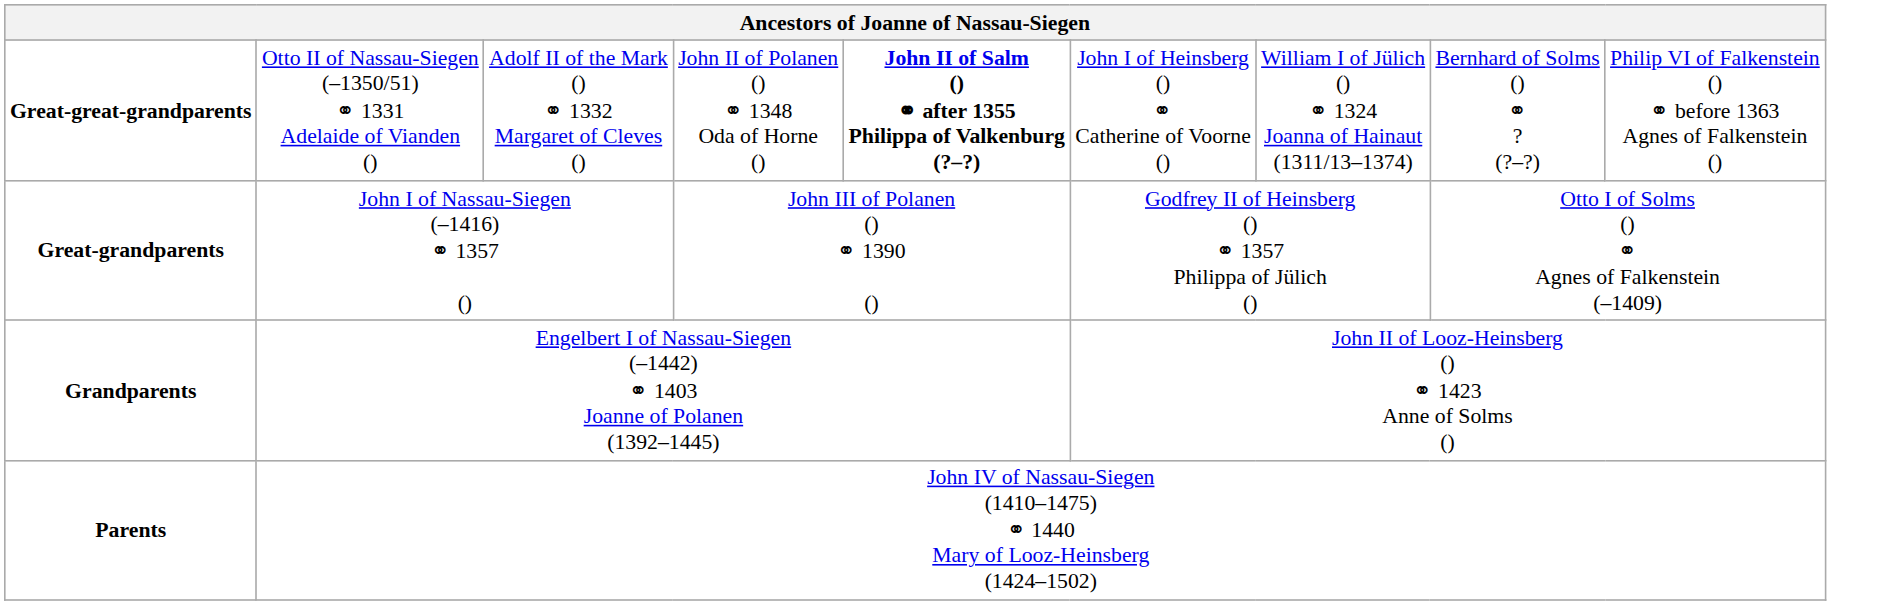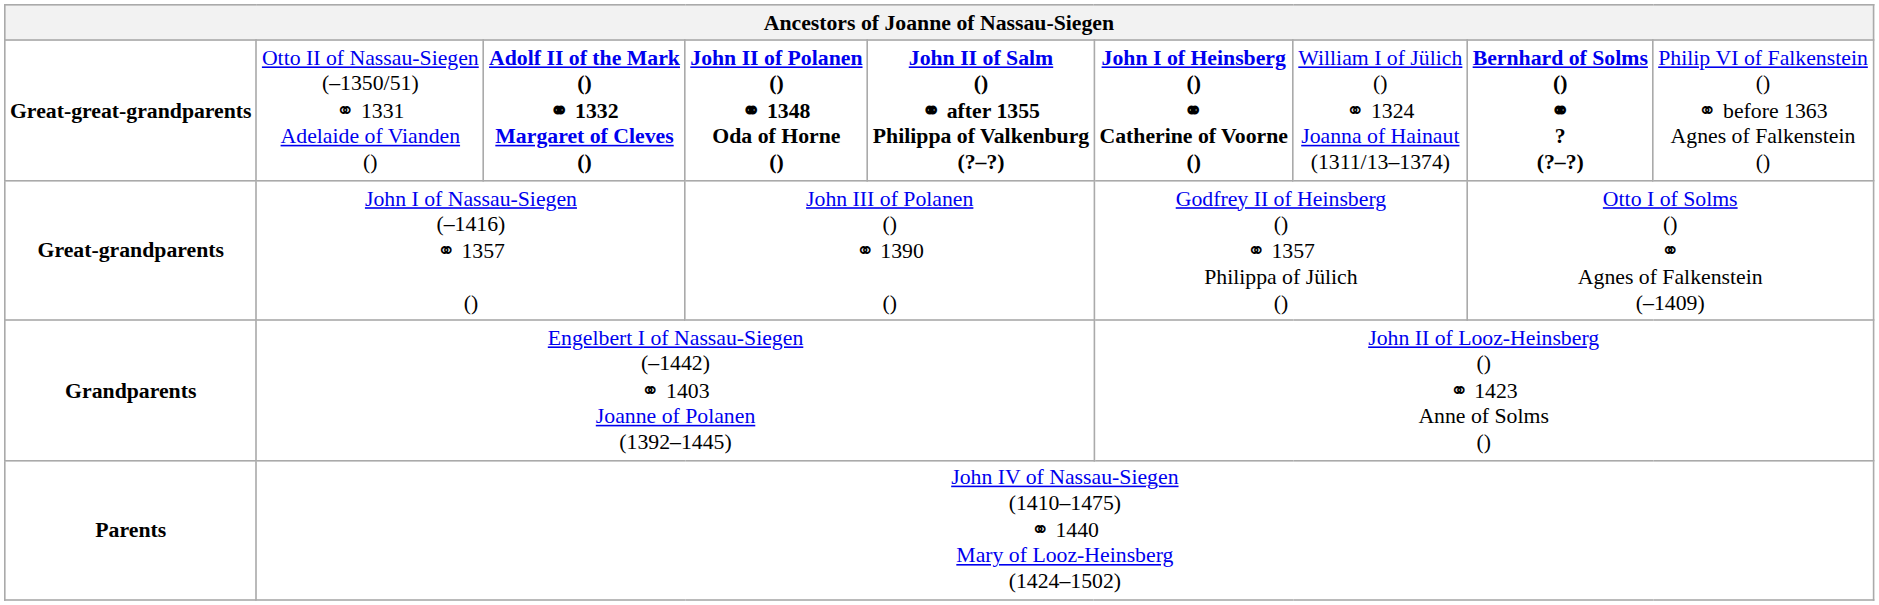 <table class="wikitable" style="background:#FFFFFF; font-size:85%; text-align:center">
 <tr bgcolor="#E0E0E0">
 <th colspan="9">Ancestors of Joanne of Nassau-Siegen</th>
 </tr>
 <tr>
 <td><strong>Great-great-grandparents</strong></td>
 <td colspan="1"><a href='#'>Otto II of Nassau-Siegen</a><br>(–1350/51)<br>⚭ 1331<br><a href='#'>Adelaide of Vianden</a><br>()</td>
-<td colspan="1"><a href='#'>Adolf II of the Mark</a><br>()<br>⚭ 1332<br><a href='#'>Margaret of Cleves</a><br>()</td>
-<td colspan="1"><a href='#'>John II of Polanen</a><br>()<br>⚭ 1348<br>Oda of Horne<br>()</td>
+<td colspan="1"><strong><a href='#'>Adolf II of the Mark</a><br>()<br>⚭ 1332<br><a href='#'>Margaret of Cleves</a><br>()</strong></td>
+<td colspan="1"><strong><a href='#'>John II of Polanen</a><br>()<br>⚭ 1348<br>Oda of Horne<br>()</strong></td>
 <td colspan="1"><strong><a href='#'>John II of Salm</a><br>()<br>⚭ after 1355<br>Philippa of Valkenburg<br>(?–?)</strong></td>
-<td colspan="1"><a href='#'>John I of Heinsberg</a><br>()<br>⚭ <br>Catherine of Voorne<br>()</td>
+<td colspan="1"><strong><a href='#'>John I of Heinsberg</a><br>()<br>⚭ <br>Catherine of Voorne<br>()</strong></td>
 <td colspan="1"><a href='#'>William I of Jülich</a><br>()<br>⚭ 1324<br><a href='#'>Joanna of Hainaut</a><br>(1311/13–1374)</td>
-<td colspan="1"><a href='#'>Bernhard of Solms</a><br>()<br>⚭<br>?<br>(?–?)</td>
+<td colspan="1"><strong><a href='#'>Bernhard of Solms</a><br>()<br>⚭<br>?<br>(?–?)</strong></td>
 <td colspan="1"><a href='#'>Philip VI of Falkenstein</a><br>()<br>⚭ before 1363<br>Agnes of Falkenstein<br>()</td>
 </tr>
 <tr>
 <td><strong>Great-grandparents</strong></td>
 <td colspan="2"><a href='#'>John I of Nassau-Siegen</a><br>(–1416)<br>⚭ 1357<br><br>()</td>
 <td colspan="2"><a href='#'>John III of Polanen</a><br>()<br>⚭ 1390<br><br>()</td>
 <td colspan="2"><a href='#'>Godfrey II of Heinsberg</a><br>()<br>⚭ 1357<br>Philippa of Jülich<br>()</td>
 <td colspan="2"><a href='#'>Otto I of Solms</a><br>()<br>⚭<br>Agnes of Falkenstein<br>(–1409)</td>
 </tr>
 <tr>
 <td><strong>Grandparents</strong></td>
 <td colspan="4"><a href='#'>Engelbert I of Nassau-Siegen</a><br>(–1442)<br>⚭ 1403<br><a href='#'>Joanne of Polanen</a><br>(1392–1445)</td>
 <td colspan="4"><a href='#'>John II of Looz-Heinsberg</a><br>()<br>⚭ 1423<br>Anne of Solms<br>()</td>
 </tr>
 <tr>
 <td><strong>Parents</strong></td>
 <td colspan="8"><a href='#'>John IV of Nassau-Siegen</a><br>(1410–1475)<br>⚭ 1440<br><a href='#'>Mary of Looz-Heinsberg</a><br>(1424–1502)</td>
 </tr>
 </table>
